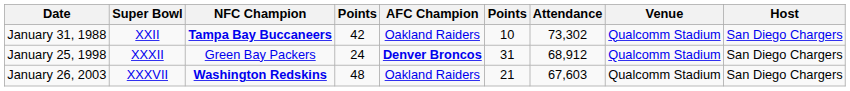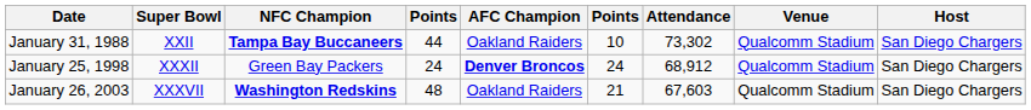 <table class="wikitable" style="text-align:center">
 <tr>
 <th style="text-align:center;">Date</th>
 <th style="text-align:center;">Super Bowl</th>
 <th style="text-align:center;">NFC Champion</th>
 <th style="text-align:center;">Points</th>
 <th style="text-align:center;">AFC Champion</th>
 <th style="text-align:center;">Points</th>
 <th style="text-align:center;">Attendance</th>
 <th style="text-align:center;">Venue</th>
 <th style="text-align:center;">Host</th>
 </tr>
 <tr>
 <td>January 31, 1988</td>
 <td><a href='#'>XXII</a></td>
 <td><strong><a href='#'>Tampa Bay Buccaneers</a></strong></td>
-<td>42</td>
+<td>44</td>
 <td><a href='#'>Oakland Raiders</a></td>
 <td>10</td>
 <td>73,302</td>
 <td><a href='#'>Qualcomm Stadium</a></td>
 <td><a href='#'>San Diego Chargers</a></td>
 </tr>
 <tr>
 <td>January 25, 1998</td>
 <td><a href='#'>XXXII</a></td>
 <td><a href='#'>Green Bay Packers</a></td>
 <td>24</td>
 <td><strong><a href='#'>Denver Broncos</a></strong></td>
-<td>31</td>
+<td>24</td>
 <td>68,912</td>
 <td><a href='#'>Qualcomm Stadium</a></td>
 <td>San Diego Chargers</td>
 </tr>
 <tr>
 <td>January 26, 2003</td>
 <td><a href='#'>XXXVII</a></td>
 <td><strong><a href='#'>Washington Redskins</a></strong></td>
 <td>48</td>
 <td><a href='#'>Oakland Raiders</a></td>
 <td>21</td>
 <td>67,603</td>
 <td>Qualcomm Stadium</td>
 <td>San Diego Chargers</td>
 </tr>
 </table>
